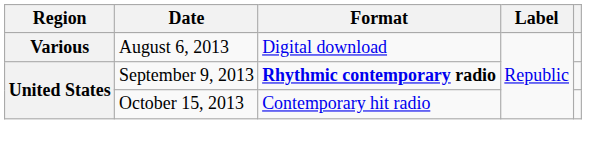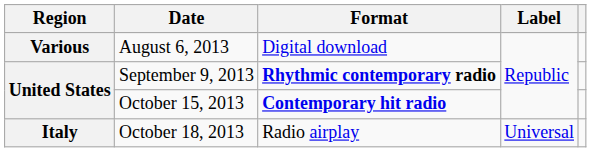 <table class="wikitable plainrowheaders">
 <tr>
 <th scope="col">Region</th>
 <th scope="col">Date</th>
 <th scope="col">Format</th>
 <th scope="col">Label</th>
 <th scope="col"></th>
 </tr>
 <tr>
 <th scope="row">Various</th>
 <td>August 6, 2013</td>
 <td><a href='#'>Digital download</a></td>
 <td rowspan="3"><a href='#'>Republic</a></td>
 <td align="center"></td>
 </tr>
 <tr>
 <th rowspan="2" scope="row">United States</th>
 <td>September 9, 2013</td>
 <td><strong><a href='#'>Rhythmic contemporary</a> radio</strong></td>
 <td align="center"></td>
 </tr>
 <tr>
 <td>October 15, 2013</td>
-<td><a href='#'>Contemporary hit radio</a></td>
+<td><strong><a href='#'>Contemporary hit radio</a></strong></td>
+<td align="center"></td>
+</tr>
+<tr>
+<th scope="row">Italy</th>
+<td>October 18, 2013</td>
+<td>Radio <a href='#'>airplay</a></td>
+<td><a href='#'>Universal</a></td>
 <td align="center"></td>
 </tr>
 </table>
